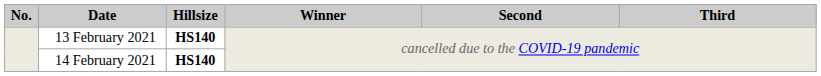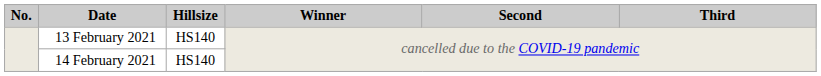 <table class="wikitable plainrowheaders" style="background:#fff; font-size:86%; line-height:15px; border:grey solid 1px; border-collapse:collapse">
 <tr style="background:#ccc; text-align:center;">
 <th style="background:#ccc;" width="26">No.</th>
 <th style="background:#ccc;" width="118">Date</th>
 <th style="background:#ccc;" width="50">Hillsize</th>
 <th style="background:#ccc;" width="185">Winner</th>
 <th style="background:#ccc;" width="185">Second</th>
 <th style="background:#ccc;" width="185">Third</th>
 </tr>
 <tr>
 <td rowspan=2 bgcolor=EDEAE0></td>
 <td align=right>13 February 2021  </td>
-<td align=center><strong>HS140</strong></td>
+<td align=center>HS140</td>
 <td align=center colspan=5 rowspan=2 bgcolor="EDEAE0" style=color:#696969><em>cancelled due to the <a href='#'>COVID-19 pandemic</a></em></td>
 </tr>
 <tr>
 <td align=right>14 February 2021  </td>
-<td align=center><strong>HS140</strong></td>
+<td align=center>HS140</td>
 </tr>
 </table>
